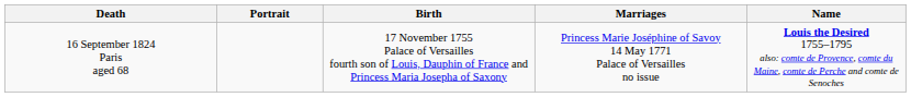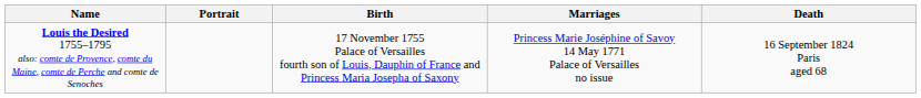 <table style="text-align:center; width:100%" class="wikitable">
 <tr>
-<th style="width:20%;">Death</th>
+<th style="width:15%;">Name</th>
 <th style="width:10%;">Portrait</th>
 <th style="width:20%;">Birth</th>
 <th style="width:20%;">Marriages</th>
-<th style="width:15%;">Name</th>
+<th style="width:20%;">Death</th>
 </tr>
 <tr>
-<td>16 September 1824<br>Paris<br>aged 68</td>
+<td width=auto><strong><a href='#'>Louis the Desired</a></strong><br>1755–1795<br><em><small>also: <a href='#'>comte de Provence</a>, <a href='#'>comte du Maine</a>, <a href='#'>comte de Perche</a> and comte de Senoches</small></em></td>
 <td></td>
 <td>17 November 1755<br>Palace of Versailles<br>fourth son of <a href='#'>Louis, Dauphin of France</a> and <a href='#'>Princess Maria Josepha of Saxony</a></td>
 <td><a href='#'>Princess Marie Joséphine of Savoy</a><br>14 May 1771<br>Palace of Versailles<br>no issue</td>
-<td width=auto><strong><a href='#'>Louis the Desired</a></strong><br>1755–1795<br><em><small>also: <a href='#'>comte de Provence</a>, <a href='#'>comte du Maine</a>, <a href='#'>comte de Perche</a> and comte de Senoches</small></em></td>
+<td>16 September 1824<br>Paris<br>aged 68</td>
 </tr>
 </table>
